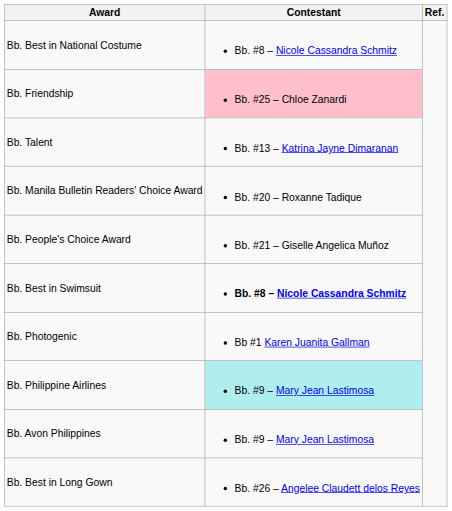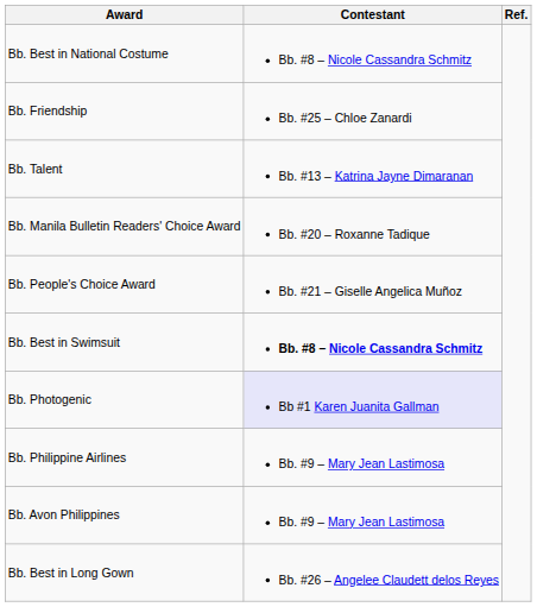 <table class="wikitable sortable" style="font-size: 95%;">
 <tr>
 <th>Award</th>
 <th>Contestant</th>
 <th>Ref.</th>
 </tr>
 <tr>
 <td>Bb. Best in National Costume</td>
 <td><br><ul><li>Bb. #8 – <a href='#'>Nicole Cassandra Schmitz</a></li></ul></td>
 <td rowspan="10"></td>
 </tr>
 <tr>
 <td>Bb. Friendship</td>
-<td style="background: pink;"><br><ul><li>Bb. #25 – Chloe Zanardi</li></ul></td>
+<td><br><ul><li>Bb. #25 – Chloe Zanardi</li></ul></td>
 </tr>
 <tr>
 <td>Bb. Talent</td>
 <td><br><ul><li>Bb. #13 – <a href='#'>Katrina Jayne Dimaranan</a></li></ul></td>
 </tr>
 <tr>
 <td>Bb. Manila Bulletin Readers' Choice Award</td>
 <td><br><ul><li>Bb. #20 – Roxanne Tadique</li></ul></td>
 </tr>
 <tr>
 <td>Bb. People's Choice Award</td>
 <td><br><ul><li>Bb. #21 – Giselle Angelica Muñoz</li></ul></td>
 </tr>
 <tr>
 <td>Bb. Best in Swimsuit</td>
 <td><strong><br><ul><li>Bb. #8 – <a href='#'>Nicole Cassandra Schmitz</a></li></ul></strong></td>
 </tr>
 <tr>
 <td>Bb. Photogenic</td>
-<td><br><ul><li>Bb  #1 <a href='#'>Karen Juanita Gallman</a></li></ul></td>
+<td style="background: lavender;"><br><ul><li>Bb  #1 <a href='#'>Karen Juanita Gallman</a></li></ul></td>
 </tr>
 <tr>
 <td>Bb. Philippine Airlines</td>
-<td style="background: paleturquoise;"><br><ul><li>Bb. #9 – <a href='#'>Mary Jean Lastimosa</a></li></ul></td>
+<td><br><ul><li>Bb. #9 – <a href='#'>Mary Jean Lastimosa</a></li></ul></td>
 </tr>
 <tr>
 <td>Bb. Avon Philippines</td>
 <td><br><ul><li>Bb. #9 – <a href='#'>Mary Jean Lastimosa</a></li></ul></td>
 </tr>
 <tr>
 <td>Bb. Best in Long Gown</td>
 <td><br><ul><li>Bb. #26 – <a href='#'>Angelee Claudett delos Reyes</a></li></ul></td>
 </tr>
 </table>
